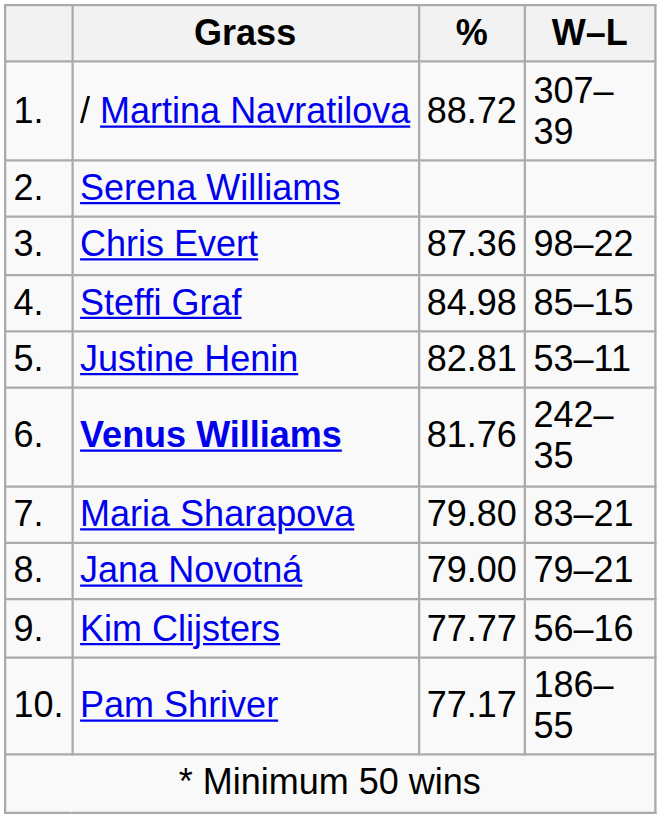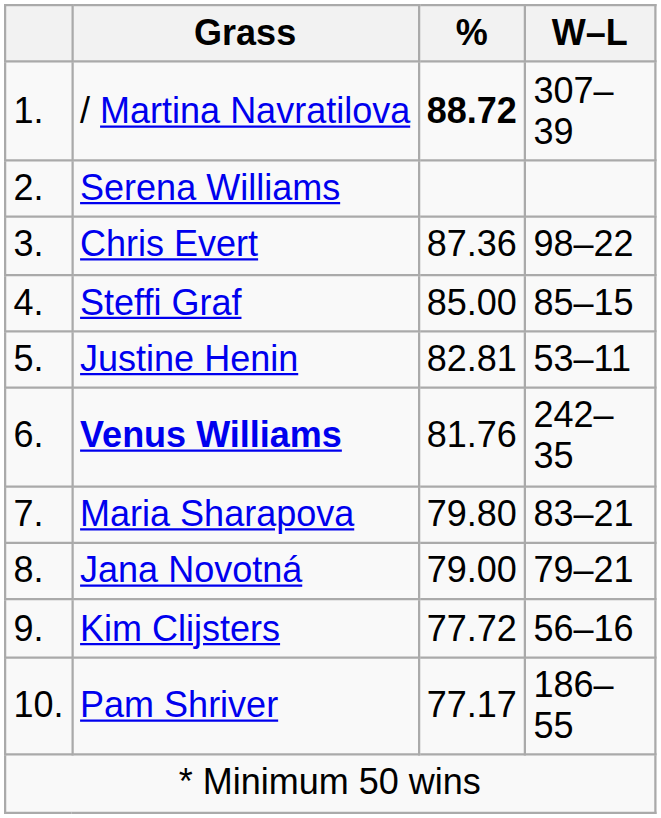 <table class="wikitable" style="display:inline-table">
 <tr>
 <th></th>
 <th>Grass</th>
 <th>%</th>
 <th style="width:50px;">W–L</th>
 </tr>
 <tr>
 <td>1.</td>
 <td nowrap>/ <a href='#'>Martina Navratilova</a></td>
-<td>88.72</td>
+<td><strong>88.72</strong></td>
 <td>307–39</td>
 </tr>
 <tr>
 <td>2.</td>
 <td> <a href='#'>Serena Williams</a></td>
 <td></td>
 </tr>
 <tr>
 <td>3.</td>
 <td> <a href='#'>Chris Evert</a></td>
 <td>87.36</td>
 <td>98–22</td>
 </tr>
 <tr>
 <td>4.</td>
 <td> <a href='#'>Steffi Graf</a></td>
-<td>84.98</td>
+<td>85.00</td>
 <td>85–15</td>
 </tr>
 <tr>
 <td>5.</td>
 <td> <a href='#'>Justine Henin</a></td>
 <td>82.81</td>
 <td>53–11</td>
 </tr>
 <tr>
 <td>6.</td>
 <td> <strong><a href='#'>Venus Williams</a></strong></td>
 <td>81.76</td>
 <td>242–35</td>
 </tr>
 <tr>
 <td>7.</td>
 <td> <a href='#'>Maria Sharapova</a></td>
 <td>79.80</td>
 <td>83–21</td>
 </tr>
 <tr>
 <td>8.</td>
 <td> <a href='#'>Jana Novotná</a></td>
 <td>79.00</td>
 <td>79–21</td>
 </tr>
 <tr>
 <td>9.</td>
 <td> <a href='#'>Kim Clijsters</a></td>
-<td>77.77</td>
+<td>77.72</td>
 <td>56–16</td>
 </tr>
 <tr>
 <td>10.</td>
 <td> <a href='#'>Pam Shriver</a></td>
 <td>77.17</td>
 <td>186–55</td>
 </tr>
 <tr>
 <td colspan=4 style="text-align:center;">* Minimum 50 wins</td>
 </tr>
 </table>
